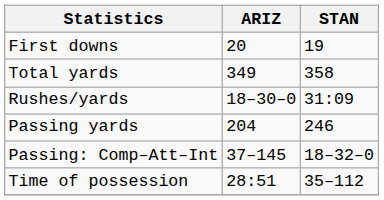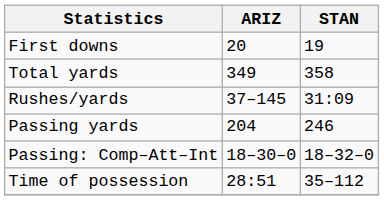 <table class="wikitable" style="float: left;">
 <tr>
 <th>Statistics</th>
 <th>ARIZ</th>
 <th>STAN</th>
 </tr>
 <tr>
 <td>First downs</td>
 <td>20</td>
 <td>19</td>
 </tr>
 <tr>
 <td>Total yards</td>
 <td>349</td>
 <td>358</td>
 </tr>
 <tr>
 <td>Rushes/yards</td>
-<td>18–30–0</td>
+<td>37–145</td>
 <td>31:09</td>
 </tr>
 <tr>
 <td>Passing yards</td>
 <td>204</td>
 <td>246</td>
 </tr>
 <tr>
 <td>Passing: Comp–Att–Int</td>
-<td>37–145</td>
+<td>18–30–0</td>
 <td>18–32–0</td>
 </tr>
 <tr>
 <td>Time of possession</td>
 <td>28:51</td>
 <td>35–112</td>
 </tr>
 <tr>
 </tr>
 </table>
